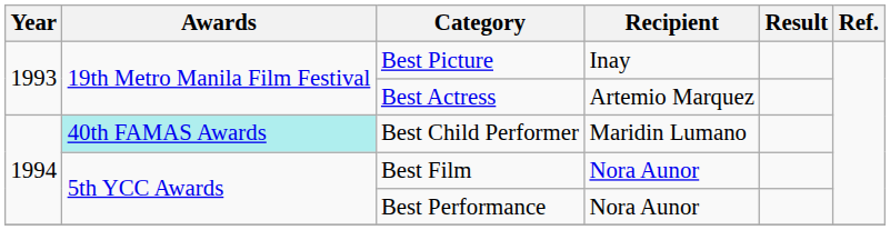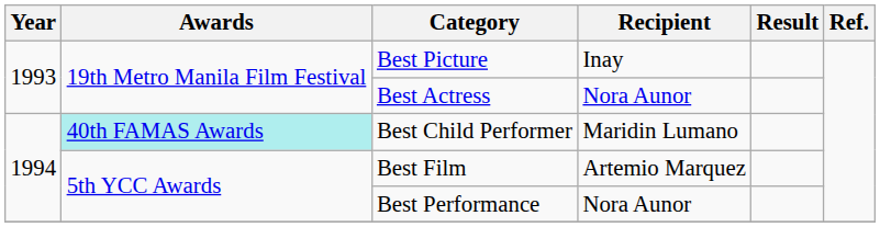 <table class="wikitable">
 <tr>
 <th>Year</th>
 <th>Awards</th>
 <th>Category</th>
 <th>Recipient</th>
 <th>Result</th>
 <th>Ref.</th>
 </tr>
 <tr>
 <td rowspan="2">1993</td>
 <td rowspan="2"><a href='#'>19th Metro Manila Film Festival</a></td>
 <td><a href='#'>Best Picture</a></td>
 <td>Inay</td>
 <td></td>
 <td rowspan="5"></td>
 </tr>
 <tr>
 <td><a href='#'>Best Actress</a></td>
-<td>Artemio Marquez</td>
+<td><a href='#'>Nora Aunor</a></td>
 <td></td>
 </tr>
 <tr>
 <td rowspan="3">1994</td>
 <td style="background: paleturquoise;"><a href='#'>40th FAMAS Awards</a></td>
 <td>Best Child Performer</td>
 <td>Maridin Lumano</td>
 <td></td>
 </tr>
 <tr>
 <td rowspan="2"><a href='#'>5th YCC Awards</a></td>
 <td>Best Film</td>
-<td><a href='#'>Nora Aunor</a></td>
+<td>Artemio Marquez</td>
 <td></td>
 </tr>
 <tr>
 <td>Best Performance</td>
 <td>Nora Aunor</td>
 <td></td>
 </tr>
 <tr>
 </tr>
 </table>
